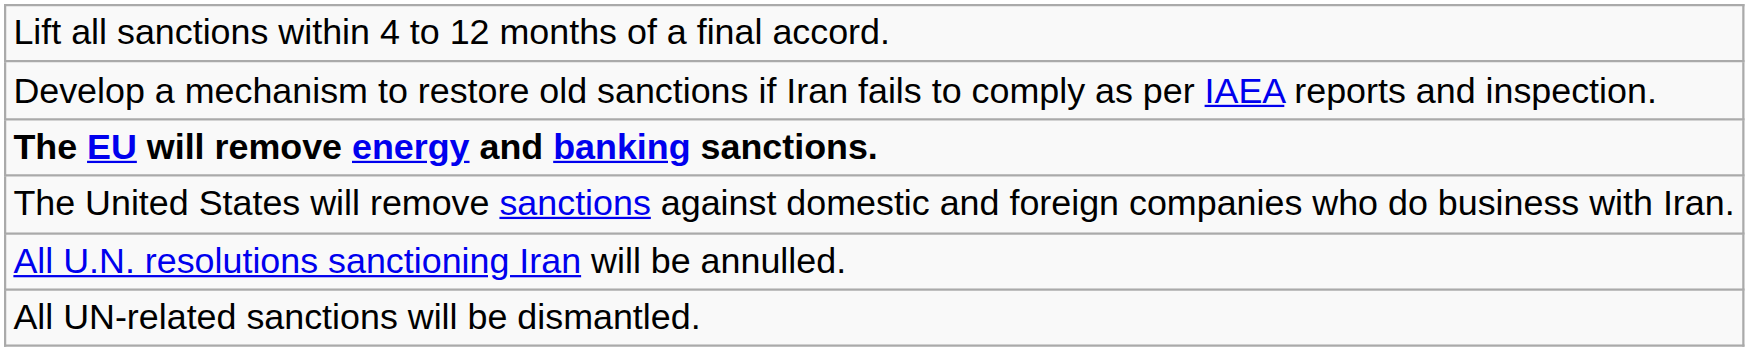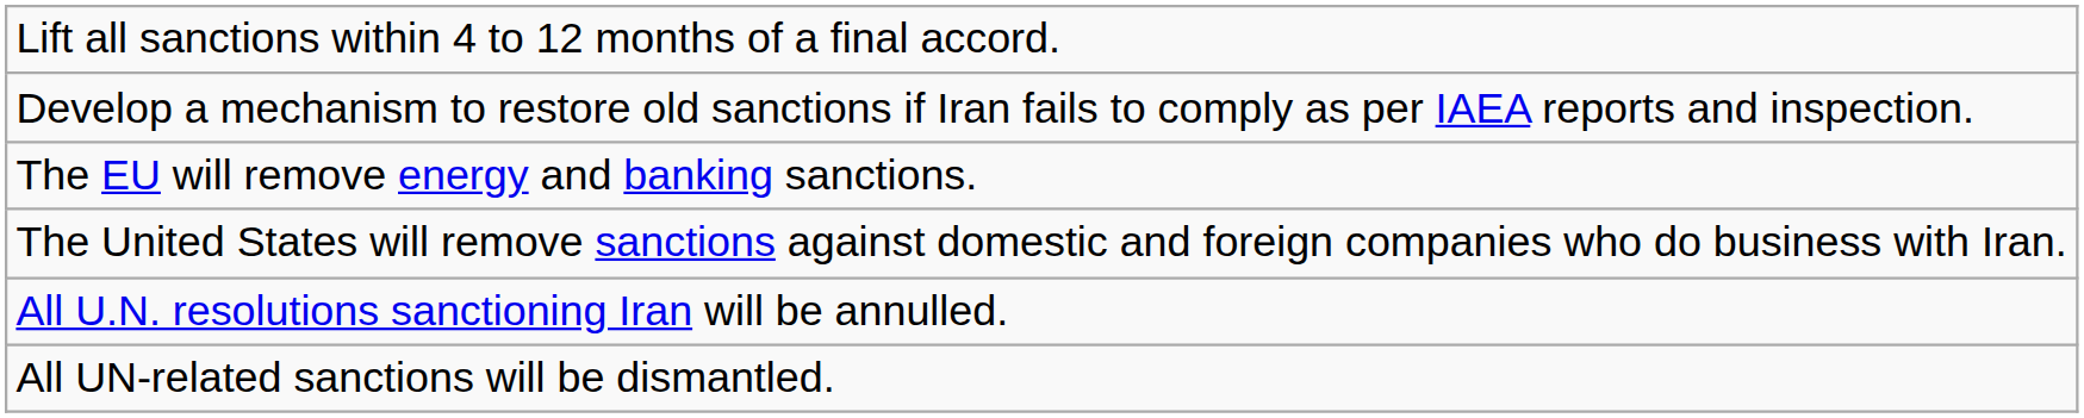 <table class="wikitable">
 <tr>
 <td>Lift all sanctions within 4 to 12 months of a final accord.</td>
 </tr>
 <tr>
 <td>Develop a mechanism to restore old sanctions if Iran fails to comply as per <a href='#'>IAEA</a> reports and inspection.</td>
 </tr>
 <tr>
-<td><strong>The <a href='#'>EU</a> will remove <a href='#'>energy</a> and <a href='#'>banking</a> sanctions.</strong></td>
+<td>The <a href='#'>EU</a> will remove <a href='#'>energy</a> and <a href='#'>banking</a> sanctions.</td>
 </tr>
 <tr>
 <td>The United States will remove <a href='#'>sanctions</a> against domestic and foreign companies who do business with Iran.</td>
 </tr>
 <tr>
 <td><a href='#'>All U.N. resolutions sanctioning Iran</a> will be annulled.</td>
 </tr>
 <tr>
 <td>All UN-related sanctions will be dismantled.</td>
 </tr>
 </table>
